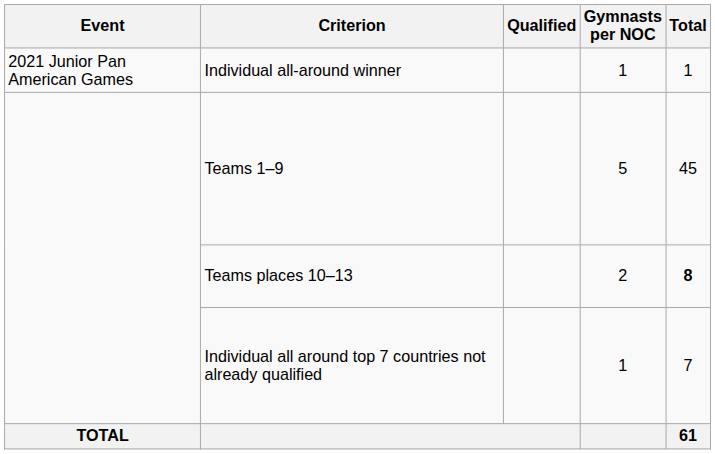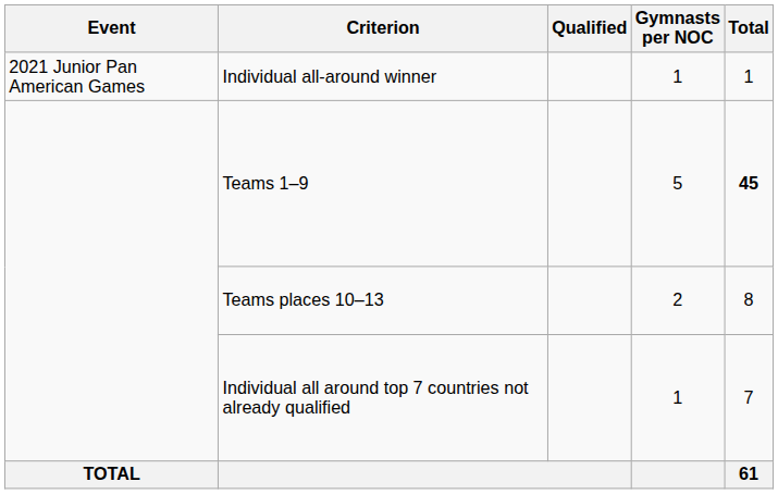 <table class="wikitable" width=700>
 <tr>
 <th>Event</th>
 <th>Criterion</th>
 <th>Qualified</th>
 <th>Gymnasts<br> per NOC</th>
 <th>Total</th>
 </tr>
 <tr>
 <td>2021 Junior Pan American Games</td>
 <td>Individual all-around winner</td>
 <td></td>
 <td align="center">1</td>
 <td align="center">1</td>
 </tr>
 <tr>
 <td rowspan="3"></td>
 <td>Teams 1–9</td>
 <td><br><br><br><br><br><br><br><br></td>
 <td align="center">5</td>
-<td align="center">45</td>
+<td align="center"><strong>45</strong></td>
 </tr>
 <tr>
 <td>Teams places 10–13</td>
 <td><br><br><br></td>
 <td align="center">2</td>
-<td align="center"><strong>8</strong></td>
+<td align="center">8</td>
 </tr>
 <tr>
 <td>Individual all around top 7 countries not already qualified</td>
 <td><br><br><br><br><br><br></td>
 <td align="center">1</td>
 <td align="center">7</td>
 </tr>
 <tr>
 <th>TOTAL</th>
 <th colspan="2"></th>
 <th></th>
 <th>61</th>
 </tr>
 </table>
